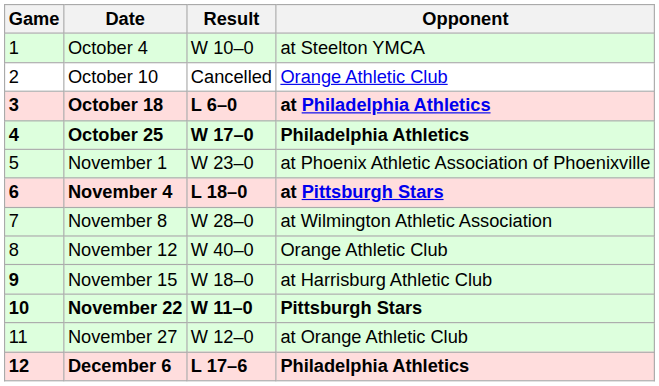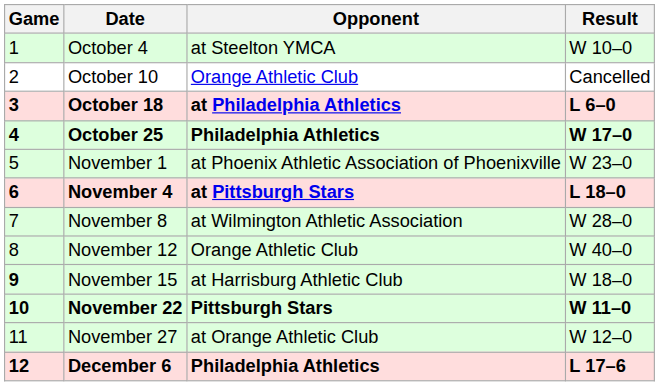 <table class="wikitable">
 <tr>
 <th>Game</th>
 <th>Date</th>
+<th>Opponent</th>
 <th>Result</th>
-<th>Opponent</th>
 </tr>
 <tr style="background: #ddffdd;">
 <td>1</td>
 <td>October 4</td>
+<td>at Steelton YMCA</td>
 <td>W 10–0</td>
-<td>at Steelton YMCA</td>
 </tr>
 <tr style="background: white">
 <td>2</td>
 <td>October 10</td>
+<td><a href='#'>Orange Athletic Club</a></td>
 <td>Cancelled</td>
-<td><a href='#'>Orange Athletic Club</a></td>
 </tr>
 <tr style="background: #ffdddd;">
 <td><strong>3</strong></td>
 <td><strong>October 18</strong></td>
+<td><strong>at <a href='#'>Philadelphia Athletics</a></strong></td>
 <td><strong>L 6–0</strong></td>
-<td><strong>at <a href='#'>Philadelphia Athletics</a></strong></td>
 </tr>
 <tr style="background: #ddffdd;">
 <td><strong>4</strong></td>
 <td><strong>October 25</strong></td>
+<td><strong>Philadelphia Athletics</strong></td>
 <td><strong>W 17–0</strong></td>
-<td><strong>Philadelphia Athletics</strong></td>
 </tr>
 <tr style="background: #ddffdd;">
 <td>5</td>
 <td>November 1</td>
+<td>at Phoenix Athletic Association of Phoenixville</td>
 <td>W 23–0</td>
-<td>at Phoenix Athletic Association of Phoenixville</td>
 </tr>
 <tr style="background: #ffdddd;">
 <td><strong>6</strong></td>
 <td><strong>November 4</strong></td>
+<td><strong>at <a href='#'>Pittsburgh Stars</a></strong></td>
 <td><strong>L 18–0</strong></td>
-<td><strong>at <a href='#'>Pittsburgh Stars</a></strong></td>
 </tr>
 <tr style="background: #ddffdd;">
 <td>7</td>
 <td>November 8</td>
+<td>at Wilmington Athletic Association</td>
 <td>W 28–0</td>
-<td>at Wilmington Athletic Association</td>
 </tr>
 <tr style="background: #ddffdd;">
 <td>8</td>
 <td>November 12</td>
+<td>Orange Athletic Club</td>
 <td>W 40–0</td>
-<td>Orange Athletic Club</td>
 </tr>
 <tr style="background: #ddffdd;">
 <td><strong>9</strong></td>
 <td>November 15</td>
+<td>at Harrisburg Athletic Club</td>
 <td>W 18–0</td>
-<td>at Harrisburg Athletic Club</td>
 </tr>
 <tr style="background: #ddffdd;">
 <td><strong>10</strong></td>
 <td><strong>November 22</strong></td>
+<td><strong>Pittsburgh Stars</strong></td>
 <td><strong>W 11–0</strong></td>
-<td><strong>Pittsburgh Stars</strong></td>
 </tr>
 <tr style="background: #ddffdd;">
 <td>11</td>
 <td>November 27</td>
+<td>at Orange Athletic Club</td>
 <td>W 12–0</td>
-<td>at Orange Athletic Club</td>
 </tr>
 <tr style="background: #ffdddd;">
 <td><strong>12</strong></td>
 <td><strong>December 6</strong></td>
+<td><strong>Philadelphia Athletics</strong></td>
 <td><strong>L 17–6</strong></td>
-<td><strong>Philadelphia Athletics</strong></td>
 </tr>
 </table>
